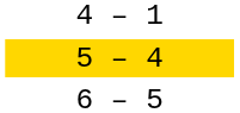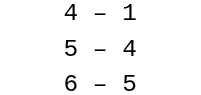 <table style="text-align:center">
 <tr>
 <th width=200></th>
 <th width=100></th>
 <th width=200></th>
 </tr>
 <tr>
 <td align=right><strong></strong></td>
 <td>4 – 1</td>
 <td align=left></td>
 </tr>
 <tr>
 <td align=right><strong></strong></td>
-<td style="background: gold;">5 – 4</td>
+<td>5 – 4</td>
 <td align=left></td>
 </tr>
 <tr>
 <td align=right><strong></strong></td>
 <td>6 – 5</td>
 <td align=left></td>
 </tr>
 </table>
